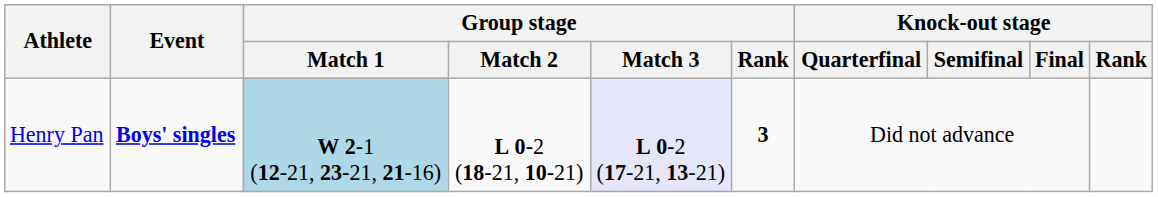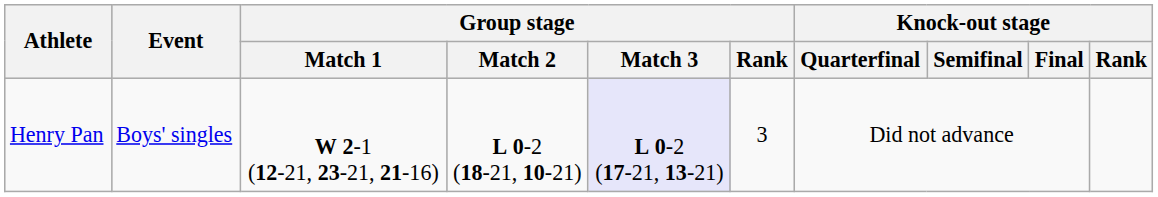 <table class="wikitable" width="85%" style="text-align:left; font-size:90%">
 <tr>
 <th rowspan=2>Athlete</th>
 <th rowspan=2>Event</th>
 <th colspan=4>Group stage</th>
 <th colspan=4>Knock-out stage</th>
 </tr>
 <tr>
 <th>Match 1</th>
 <th>Match 2</th>
 <th>Match 3</th>
 <th>Rank</th>
 <th>Quarterfinal</th>
 <th>Semifinal</th>
 <th>Final</th>
 <th>Rank</th>
 </tr>
 <tr>
 <td><a href='#'>Henry Pan</a></td>
-<td><strong><a href='#'>Boys' singles</a></strong></td>
-<td align=center style="background: lightblue;"> <br><br><strong>W</strong> <strong>2</strong>-1 <br> (<strong>12</strong>-21, <strong>23</strong>-21, <strong>21</strong>-16)</td>
+<td><a href='#'>Boys' singles</a></td>
+<td align=center> <br><br><strong>W</strong> <strong>2</strong>-1 <br> (<strong>12</strong>-21, <strong>23</strong>-21, <strong>21</strong>-16)</td>
 <td align=center> <br><br><strong>L</strong> <strong>0</strong>-2 <br> (<strong>18</strong>-21, <strong>10</strong>-21)</td>
 <td align=center style="background: lavender;"> <br><br><strong>L</strong> <strong>0</strong>-2 <br> (<strong>17</strong>-21, <strong>13</strong>-21)</td>
-<td align=center><strong>3</strong></td>
+<td align=center>3</td>
 <td colspan="3" align=center>Did not advance</td>
 <td align=center></td>
 </tr>
 </table>
